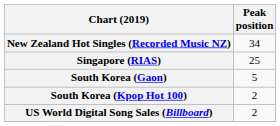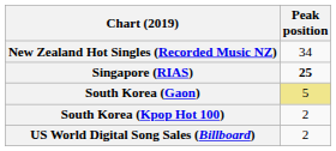 <table class="wikitable sortable plainrowheaders" style="text-align:center">
 <tr>
 <th scope="col">Chart (2019)</th>
 <th scope="col">Peak<br> position</th>
 </tr>
 <tr>
 <th scope="row">New Zealand Hot Singles (<a href='#'>Recorded Music NZ</a>)</th>
 <td>34</td>
 </tr>
 <tr>
 <th scope="row">Singapore (<a href='#'>RIAS</a>)</th>
-<td>25</td>
+<td><strong>25</strong></td>
 </tr>
 <tr>
 <th scope="row">South Korea (<a href='#'>Gaon</a>)</th>
-<td>5</td>
+<td style="background: khaki;">5</td>
 </tr>
 <tr>
 <th scope="row">South Korea (<a href='#'>Kpop Hot 100</a>)</th>
 <td>2</td>
 </tr>
 <tr>
 <th scope="row">US World Digital Song Sales (<a href='#'><em>Billboard</em></a>)</th>
 <td>2</td>
 </tr>
 </table>
